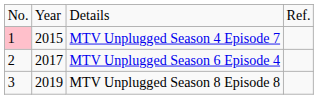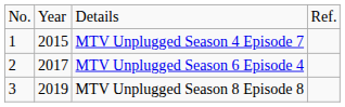 <table class="wikitable">
 <tr>
 <td>No.</td>
 <td>Year</td>
 <td>Details</td>
 <td>Ref.</td>
 </tr>
 <tr>
-<td style="background: pink;">1</td>
+<td>1</td>
 <td>2015</td>
 <td><a href='#'>MTV Unplugged Season 4 Episode 7</a></td>
 <td></td>
 </tr>
 <tr>
 <td>2</td>
 <td>2017</td>
 <td><a href='#'>MTV Unplugged Season 6 Episode 4</a></td>
 <td></td>
 </tr>
 <tr>
 <td>3</td>
 <td>2019</td>
 <td>MTV Unplugged Season 8 Episode 8</td>
 <td></td>
 </tr>
 </table>
